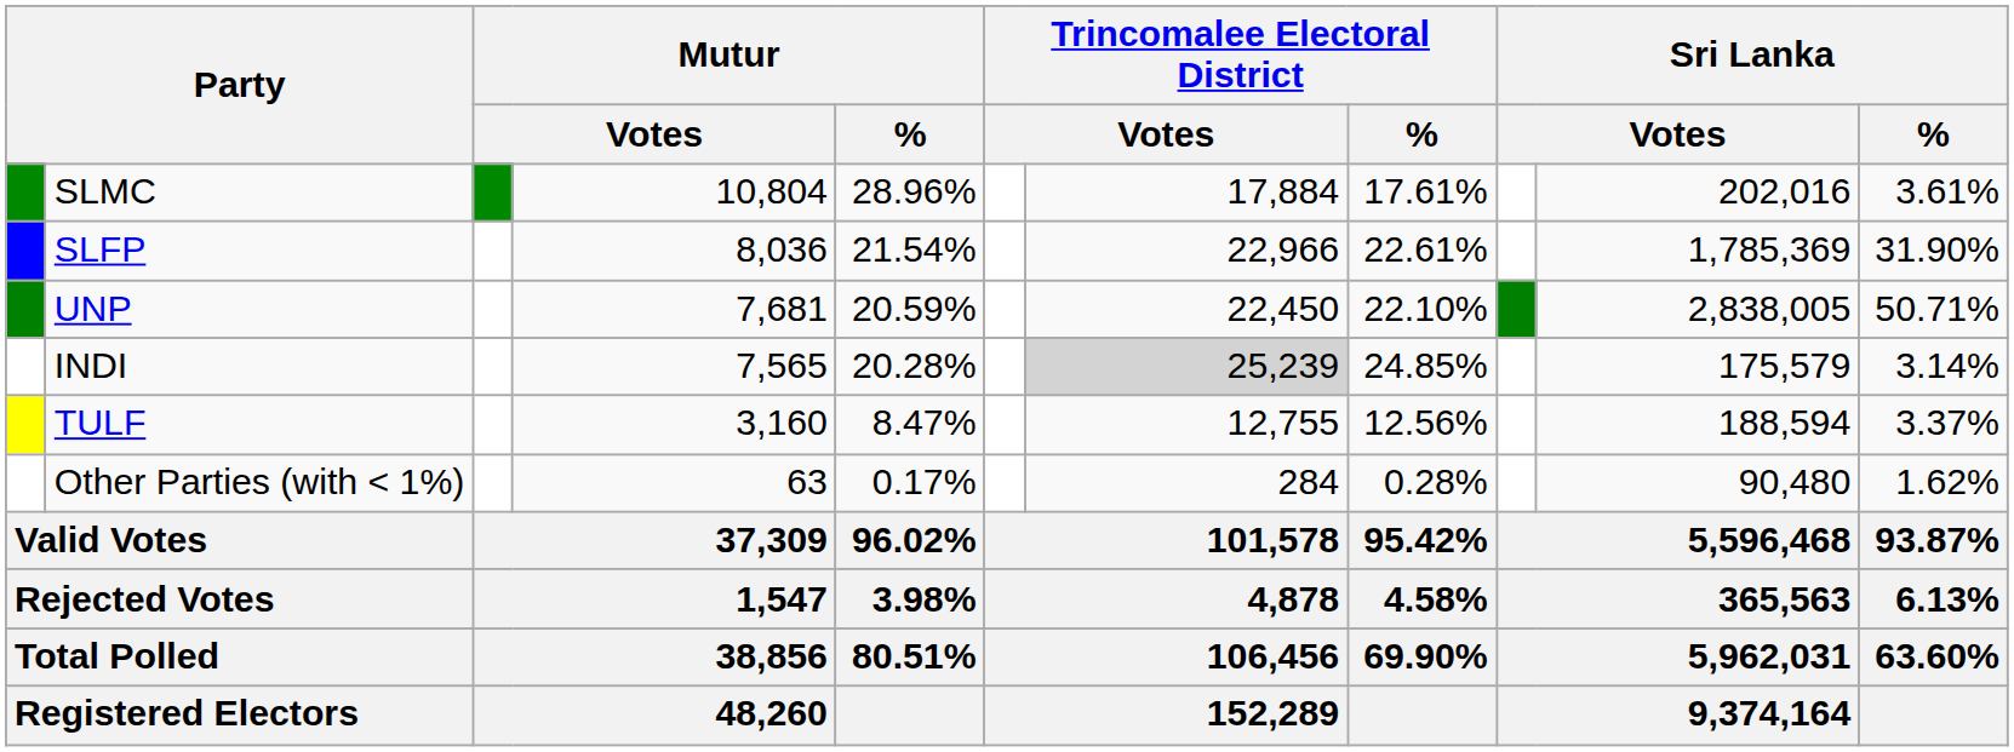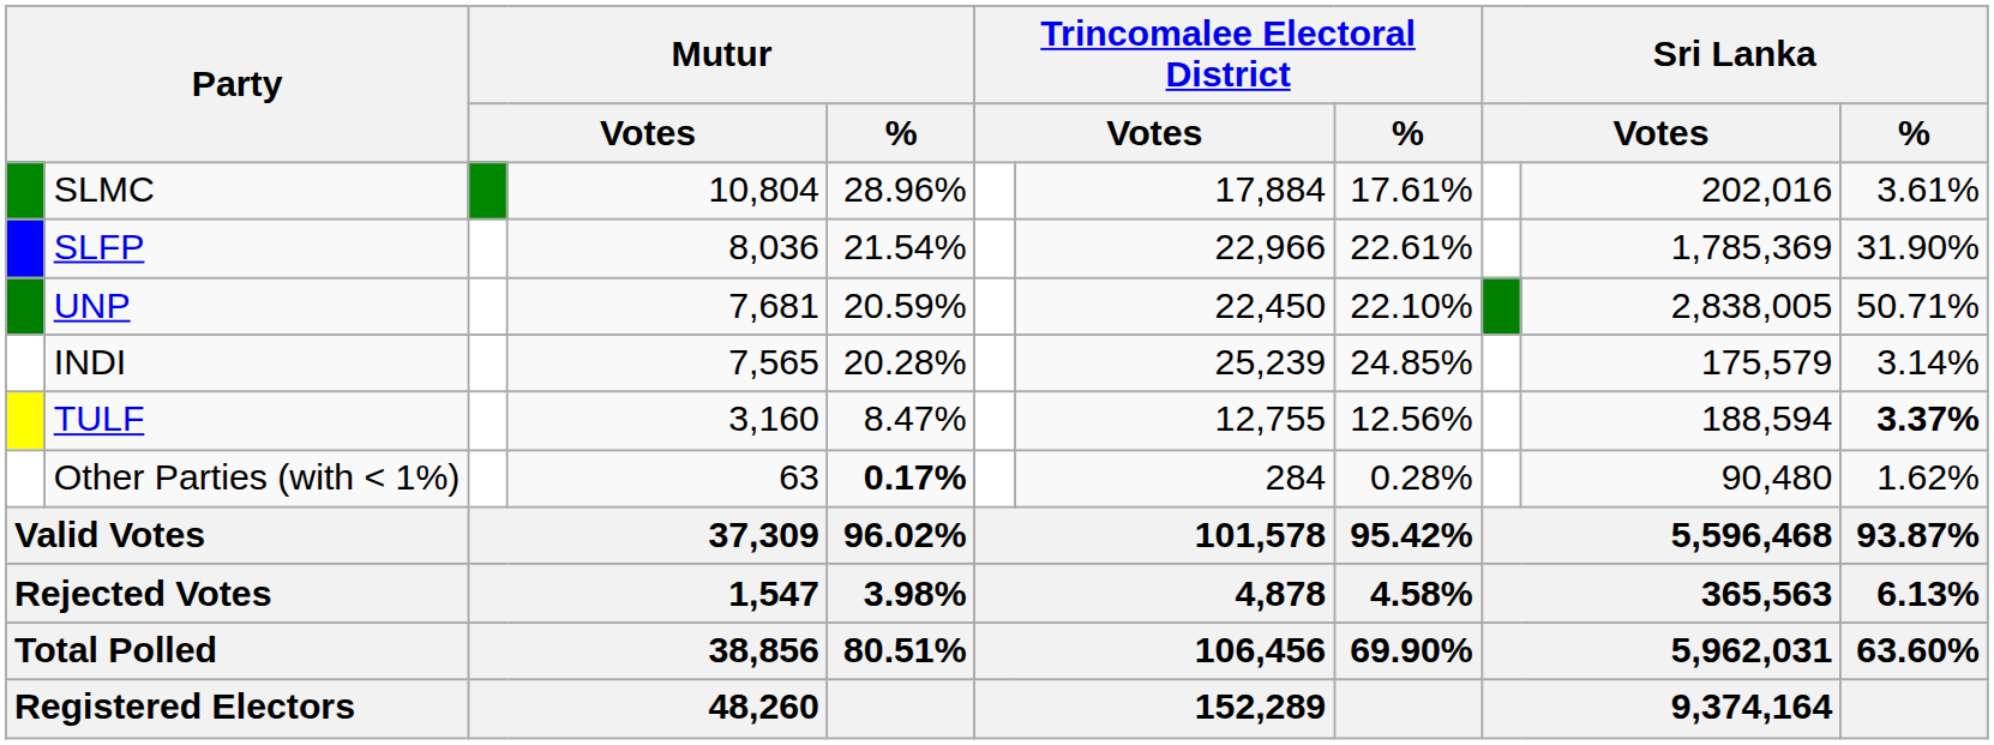 <table class="wikitable">
 <tr>
 <th colspan="2" width="144px"rowspan="2">Party</th>
 <th colspan="3" width="216px">Mutur</th>
 <th colspan="3" width="216px"><a href='#'>Trincomalee Electoral District</a></th>
 <th colspan="3" width="216px">Sri Lanka</th>
 </tr>
 <tr>
 <th colspan="2" width="144px">Votes</th>
 <th>%</th>
 <th colspan="2" width="144px">Votes</th>
 <th>%</th>
 <th colspan="2" width="144px">Votes</th>
 <th>%</th>
 </tr>
 <tr>
 <td style="background-color:#008800;" width="10px"></td>
 <td style="text-align:left;">SLMC</td>
 <td style="background-color:#008800;" width="10px"></td>
 <td style="text-align:right;">10,804</td>
 <td style="text-align:right;">28.96%</td>
 <td style="background-color:white;" width="10px"></td>
 <td style="text-align:right;">17,884</td>
 <td style="text-align:right;">17.61%</td>
 <td style="background-color:white;" width="10px"></td>
 <td style="text-align:right;">202,016</td>
 <td style="text-align:right;">3.61%</td>
 </tr>
 <tr>
 <td style="background-color:blue;" width="10px"></td>
 <td style="text-align:left;"><a href='#'>SLFP</a></td>
 <td style="background-color:white;" width="10px"></td>
 <td style="text-align:right;">8,036</td>
 <td style="text-align:right;">21.54%</td>
 <td style="background-color:white;" width="10px"></td>
 <td style="text-align:right;">22,966</td>
 <td style="text-align:right;">22.61%</td>
 <td style="background-color:white;" width="10px"></td>
 <td style="text-align:right;">1,785,369</td>
 <td style="text-align:right;">31.90%</td>
 </tr>
 <tr>
 <td style="background-color:green;" width="10px"></td>
 <td style="text-align:left;"><a href='#'>UNP</a></td>
 <td style="background-color:white;" width="10px"></td>
 <td style="text-align:right;">7,681</td>
 <td style="text-align:right;">20.59%</td>
 <td style="background-color:white;" width="10px"></td>
 <td style="text-align:right;">22,450</td>
 <td style="text-align:right;">22.10%</td>
 <td style="background-color:green;" width="10px"></td>
 <td style="text-align:right;">2,838,005</td>
 <td style="text-align:right;">50.71%</td>
 </tr>
 <tr>
 <td style="background-color:white;" width="10px"></td>
 <td style="text-align:left;">INDI</td>
 <td style="background-color:white;" width="10px"></td>
 <td style="text-align:right;">7,565</td>
 <td style="text-align:right;">20.28%</td>
 <td style="background-color:white;" width="10px"></td>
-<td style="background: lightgrey; text-align:right;">25,239</td>
+<td style="text-align:right;">25,239</td>
 <td style="text-align:right;">24.85%</td>
 <td style="background-color:white;" width="10px"></td>
 <td style="text-align:right;">175,579</td>
 <td style="text-align:right;">3.14%</td>
 </tr>
 <tr>
 <td style="background-color:yellow;" width="10px"></td>
 <td style="text-align:left;"><a href='#'>TULF</a></td>
 <td style="background-color:white;" width="10px"></td>
 <td style="text-align:right;">3,160</td>
 <td style="text-align:right;">8.47%</td>
 <td style="background-color:white;" width="10px"></td>
 <td style="text-align:right;">12,755</td>
 <td style="text-align:right;">12.56%</td>
 <td style="background-color:white;" width="10px"></td>
 <td style="text-align:right;">188,594</td>
-<td style="text-align:right;">3.37%</td>
+<td style="text-align:right;"><strong>3.37%</strong></td>
 </tr>
 <tr>
 <td style="background-color:white;" width="10px"></td>
 <td style="text-align:left;">Other Parties (with < 1%)</td>
 <td style="background-color:white;" width="10px"></td>
 <td style="text-align:right;">63</td>
-<td style="text-align:right;">0.17%</td>
+<td style="text-align:right;"><strong>0.17%</strong></td>
 <td style="background-color:white;" width="10px"></td>
 <td style="text-align:right;">284</td>
 <td style="text-align:right;">0.28%</td>
 <td style="background-color:white;" width="10px"></td>
 <td style="text-align:right;">90,480</td>
 <td style="text-align:right;">1.62%</td>
 </tr>
 <tr>
 <th colspan="2" width="144px"style="text-align:left;">Valid Votes</th>
 <th style="text-align:right;"colspan="2" width="144px">37,309</th>
 <th style="text-align:right;">96.02%</th>
 <th style="text-align:right;"colspan="2" width="144px">101,578</th>
 <th style="text-align:right;">95.42%</th>
 <th style="text-align:right;"colspan="2" width="144px">5,596,468</th>
 <th style="text-align:right;">93.87%</th>
 </tr>
 <tr>
 <th colspan="2" width="144px"style="text-align:left;">Rejected Votes</th>
 <th style="text-align:right;"colspan="2" width="144px">1,547</th>
 <th style="text-align:right;">3.98%</th>
 <th style="text-align:right;"colspan="2" width="144px">4,878</th>
 <th style="text-align:right;">4.58%</th>
 <th style="text-align:right;"colspan="2" width="144px">365,563</th>
 <th style="text-align:right;">6.13%</th>
 </tr>
 <tr>
 <th colspan="2" width="144px"style="text-align:left;">Total Polled</th>
 <th style="text-align:right;"colspan="2" width="144px">38,856</th>
 <th style="text-align:right;">80.51%</th>
 <th style="text-align:right;"colspan="2" width="144px">106,456</th>
 <th style="text-align:right;">69.90%</th>
 <th style="text-align:right;"colspan="2" width="144px">5,962,031</th>
 <th style="text-align:right;">63.60%</th>
 </tr>
 <tr>
 <th colspan="2" width="144px"style="text-align:left;">Registered Electors</th>
 <th style="text-align:right;"colspan="2" width="144px">48,260</th>
 <th></th>
 <th style="text-align:right;"colspan="2" width="144px">152,289</th>
 <th></th>
 <th style="text-align:right;"colspan="2" width="144px">9,374,164</th>
 <th></th>
 </tr>
 </table>
